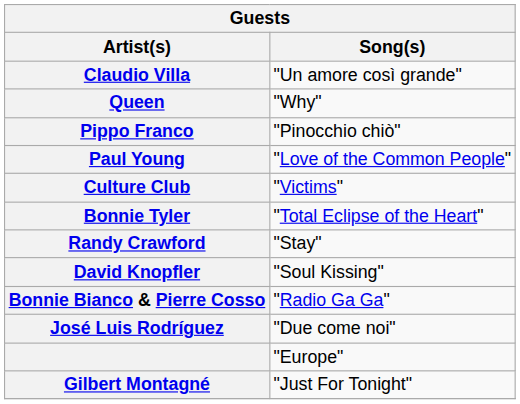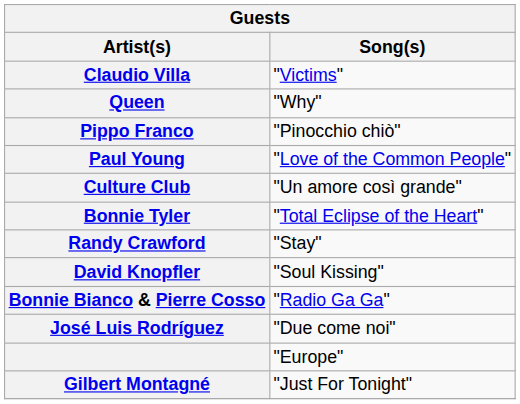 <table class="plainrowheaders wikitable">
 <tr>
 <th colspan="2">Guests </th>
 </tr>
 <tr>
 <th>Artist(s)</th>
 <th>Song(s)</th>
 </tr>
 <tr>
 <th scope="row"><a href='#'>Claudio Villa</a></th>
-<td>"Un amore così grande"</td>
+<td>"<a href='#'>Victims</a>"</td>
 </tr>
 <tr>
 <th scope="row"><a href='#'>Queen</a></th>
 <td>"Why"</td>
 </tr>
 <tr>
 <th scope="row"><a href='#'>Pippo Franco</a></th>
 <td>"Pinocchio chiò"</td>
 </tr>
 <tr>
 <th scope="row"><a href='#'>Paul Young</a></th>
 <td>"<a href='#'>Love of the Common People</a>"</td>
 </tr>
 <tr>
 <th scope="row"><a href='#'>Culture Club</a></th>
-<td>"<a href='#'>Victims</a>"</td>
+<td>"Un amore così grande"</td>
 </tr>
 <tr>
 <th scope="row"><a href='#'>Bonnie Tyler</a></th>
 <td>"<a href='#'>Total Eclipse of the Heart</a>"</td>
 </tr>
 <tr>
 <th scope="row"><a href='#'>Randy Crawford</a></th>
 <td>"Stay"</td>
 </tr>
 <tr>
 <th scope="row"><a href='#'>David Knopfler</a></th>
 <td>"Soul Kissing"</td>
 </tr>
 <tr>
 <th scope="row"><a href='#'>Bonnie Bianco</a> & <a href='#'>Pierre Cosso</a></th>
 <td>"<a href='#'>Radio Ga Ga</a>"</td>
 </tr>
 <tr>
 <th scope="row"><a href='#'>José Luis Rodríguez</a></th>
 <td>"Due come noi"</td>
 </tr>
 <tr>
 <th scope="row"></th>
 <td>"Europe"</td>
 </tr>
 <tr>
 <th scope="row"><a href='#'>Gilbert Montagné</a></th>
 <td>"Just For Tonight"</td>
 </tr>
 <tr>
 </tr>
 </table>
